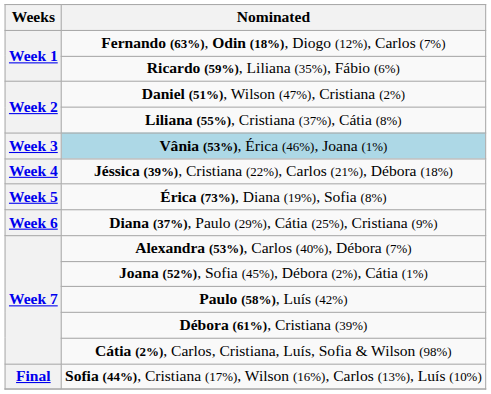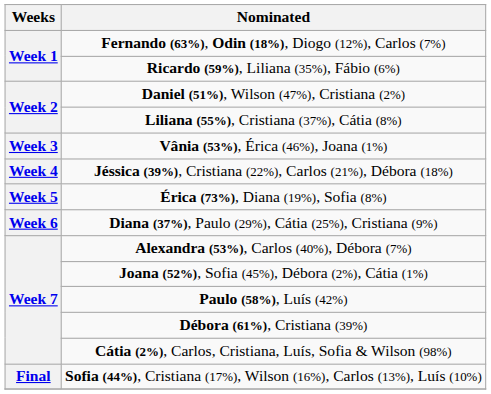 <table class="wikitable" style="font-size:90%; text-align:center; margin-left: auto; margin-right: auto">
 <tr>
 <th>Weeks</th>
 <th>Nominated</th>
 </tr>
 <tr>
 <th rowspan=2><a href='#'>Week 1</a></th>
 <td><strong>Fernando <small>(63%)</small></strong>, <strong>Odin <small>(18%)</small></strong>, Diogo <small>(12%)</small>, Carlos <small>(7%)</small></td>
 </tr>
 <tr>
 <td><strong>Ricardo <small>(59%)</small></strong>, Liliana <small>(35%)</small>, Fábio <small>(6%)</small></td>
 </tr>
 <tr>
 <th rowspan=2><a href='#'>Week 2</a></th>
 <td><strong>Daniel <small>(51%)</small></strong>, Wilson <small>(47%)</small>, Cristiana <small>(2%)</small></td>
 </tr>
 <tr>
 <td><strong>Liliana <small>(55%)</small></strong>, Cristiana <small>(37%)</small>, Cátia <small>(8%)</small></td>
 </tr>
 <tr>
 <th><a href='#'>Week 3</a></th>
-<td style="background: lightblue;"><strong>Vânia <small>(53%)</small></strong>, Érica <small>(46%)</small>, Joana <small>(1%)</small></td>
+<td><strong>Vânia <small>(53%)</small></strong>, Érica <small>(46%)</small>, Joana <small>(1%)</small></td>
 </tr>
 <tr>
 <th><a href='#'>Week 4</a></th>
 <td><strong>Jéssica <small>(39%)</small></strong>, Cristiana <small>(22%)</small>, Carlos <small>(21%)</small>, Débora <small>(18%)</small></td>
 </tr>
 <tr>
 <th><a href='#'>Week 5</a></th>
 <td><strong>Érica <small>(73%)</small></strong>, Diana <small>(19%)</small>, Sofia <small>(8%)</small></td>
 </tr>
 <tr>
 <th><a href='#'>Week 6</a></th>
 <td><strong>Diana <small>(37%)</small></strong>, Paulo <small>(29%)</small>, Cátia <small>(25%)</small>, Cristiana <small>(9%)</small></td>
 </tr>
 <tr>
 <th rowspan=5><a href='#'>Week 7</a></th>
 <td><strong>Alexandra <small>(53%)</small></strong>, Carlos <small>(40%)</small>, Débora <small>(7%)</small></td>
 </tr>
 <tr>
 <td><strong>Joana <small>(52%)</small></strong>, Sofia <small>(45%)</small>, Débora <small>(2%)</small>, Cátia <small>(1%)</small></td>
 </tr>
 <tr>
 <td><strong>Paulo <small>(58%)</small></strong>, Luís <small>(42%)</small></td>
 </tr>
 <tr>
 <td><strong>Débora <small>(61%)</small></strong>, Cristiana <small>(39%)</small></td>
 </tr>
 <tr>
 <td><strong>Cátia <small>(2%)</small></strong>, Carlos, Cristiana, Luís, Sofia & Wilson <small>(98%)</small></td>
 </tr>
 <tr>
 <th><a href='#'>Final</a></th>
 <td><strong>Sofia <small>(44%)</small></strong>, Cristiana <small>(17%)</small>, Wilson <small>(16%)</small>, Carlos <small>(13%)</small>, Luís <small>(10%)</small></td>
 </tr>
 <tr>
 </tr>
 </table>
